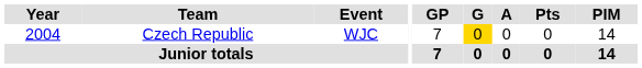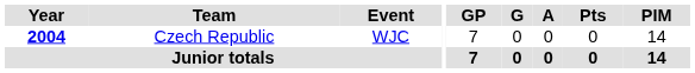 <table border="0" cellpadding="1" cellspacing="0" ID="Table3" style="text-align:center; width:40em">
 <tr ALIGN="center" bgcolor="#e0e0e0">
 <th>Year</th>
 <th>Team</th>
 <th>Event</th>
 <th rowspan="99" bgcolor="#ffffff"></th>
 <th>GP</th>
 <th>G</th>
 <th>A</th>
 <th>Pts</th>
 <th>PIM</th>
 </tr>
 <tr>
-<td><a href='#'>2004</a></td>
+<td><strong><a href='#'>2004</a></strong></td>
 <td><a href='#'>Czech Republic</a></td>
 <td><a href='#'>WJC</a></td>
 <td>7</td>
-<td style="background: gold;">0</td>
+<td>0</td>
 <td>0</td>
 <td>0</td>
 <td>14</td>
 </tr>
 <tr bgcolor="#e0e0e0">
 <th colspan="3">Junior totals</th>
 <th>7</th>
 <th>0</th>
 <th>0</th>
 <th>0</th>
 <th>14</th>
 </tr>
 </table>
